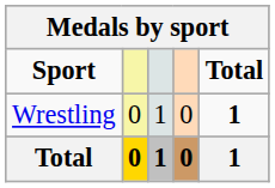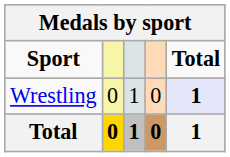 <table class="wikitable" style="font-size:85%; text-align:center;">
 <tr style="background:#efefef;">
 <th colspan=5><strong>Medals by sport</strong></th>
 </tr>
 <tr>
 <td><strong>Sport</strong></td>
 <td style="background:#f7f6a8;"></td>
 <td style="background:#dce5e5;"></td>
 <td style="background:#ffdab9;"></td>
 <td><strong>Total</strong></td>
 </tr>
 <tr>
 <td><a href='#'>Wrestling</a></td>
 <td style="background:#F7F6A8;">0</td>
 <td style="background:#DCE5E5;">1</td>
 <td style="background:#FFDAB9;">0</td>
-<td><strong>1</strong></td>
+<td style="background: lavender;"><strong>1</strong></td>
 </tr>
 <tr>
 <th>Total</th>
 <th style="background:gold;"  >0</th>
 <th style="background:silver;">1</th>
 <th style="background:#c96;"  >0</th>
 <th>1</th>
 </tr>
 </table>
